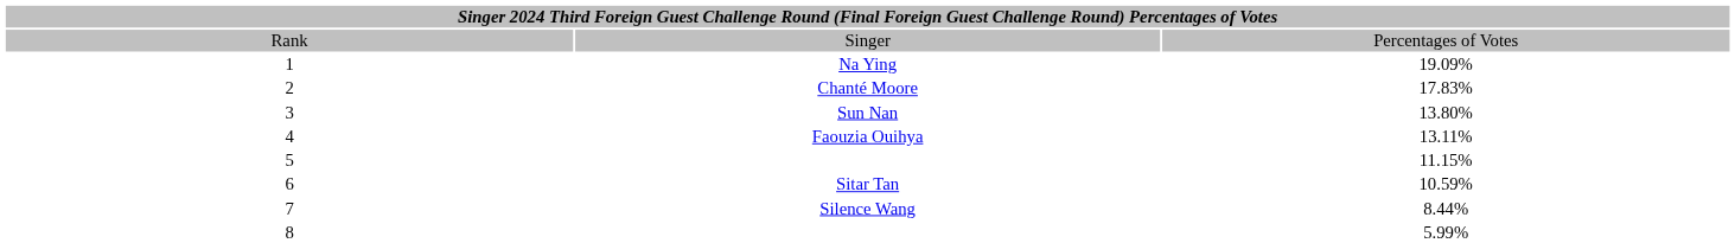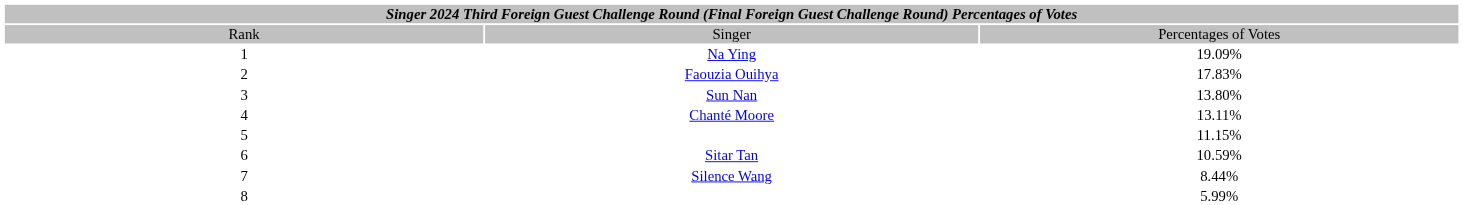 <table width="100%" style="text-align:center">
 <tr align=center style="background:silver">
 <td colspan="3"><div><strong><em>Singer<em> 2024 Third Foreign Guest Challenge Round (Final Foreign Guest Challenge Round) Percentages of Votes<strong></div></td>
 </tr>
 <tr align=center style="background:silver">
 <td style="width:33%"></strong>Rank<strong></td>
 <td style="width:34%"></strong>Singer<strong></td>
 <td style="width:33%"></strong>Percentages of Votes<strong></td>
 </tr>
 <tr>
 <td>1</td>
 <td><a href='#'>Na Ying</a></td>
 <td>19.09%</td>
 </tr>
 <tr>
 <td>2</td>
-<td><a href='#'>Chanté Moore</a></td>
+<td><a href='#'>Faouzia Ouihya</a></td>
 <td>17.83%</td>
 </tr>
 <tr>
 <td>3</td>
 <td><a href='#'>Sun Nan</a></td>
 <td>13.80%</td>
 </tr>
 <tr>
 <td>4</td>
-<td><a href='#'>Faouzia Ouihya</a></td>
+<td><a href='#'>Chanté Moore</a></td>
 <td>13.11%</td>
 </tr>
 <tr>
 <td>5</td>
 <td></td>
 <td>11.15%</td>
 </tr>
 <tr>
 <td>6</td>
 <td><a href='#'>Sitar Tan</a></td>
 <td>10.59%</td>
 </tr>
 <tr>
 <td>7</td>
 <td><a href='#'>Silence Wang</a></td>
 <td>8.44%</td>
 </tr>
 <tr>
 <td>8</td>
 <td></td>
 <td>5.99%</td>
 </tr>
 </table>
